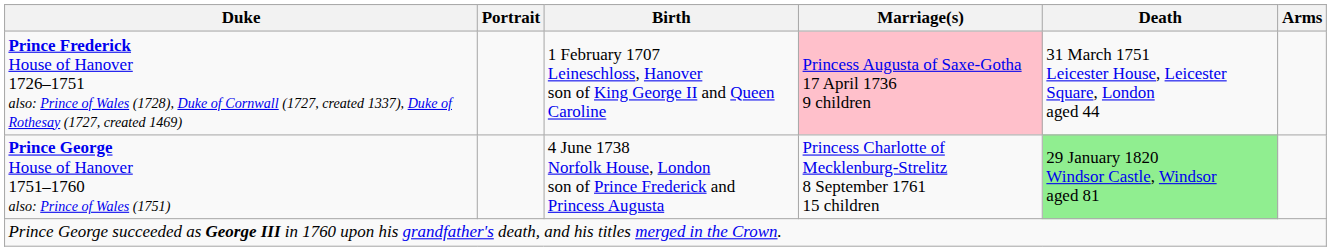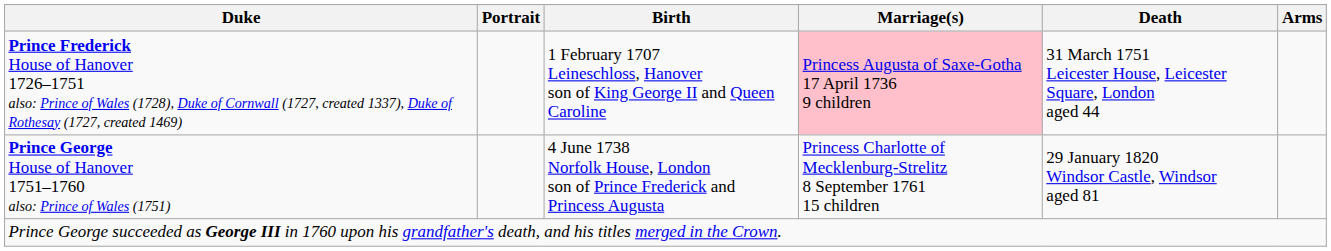 <table class="wikitable">
 <tr>
 <th>Duke</th>
 <th>Portrait</th>
 <th>Birth</th>
 <th>Marriage(s)</th>
 <th>Death</th>
 <th>Arms</th>
 </tr>
 <tr>
 <td><strong><a href='#'>Prince Frederick</a></strong><br><a href='#'>House of Hanover</a><br>1726–1751<br><small><em>also: <a href='#'>Prince of Wales</a> (1728), <a href='#'>Duke of Cornwall</a> (1727, created 1337), <a href='#'>Duke of Rothesay</a> (1727, created 1469)</em></small></td>
 <td></td>
 <td>1 February 1707<br><a href='#'>Leineschloss</a>, <a href='#'>Hanover</a><br>son of <a href='#'>King George II</a> and <a href='#'>Queen Caroline</a></td>
 <td style="background: pink;"><a href='#'>Princess Augusta of Saxe-Gotha</a><br>17 April 1736<br>9 children</td>
 <td>31 March 1751<br><a href='#'>Leicester House</a>, <a href='#'>Leicester Square</a>, <a href='#'>London</a><br>aged 44</td>
 <td></td>
 </tr>
 <tr>
 <td><strong><a href='#'>Prince George</a></strong><br><a href='#'>House of Hanover</a><br>1751–1760<br><small><em>also: <a href='#'>Prince of Wales</a> (1751)</em></small></td>
 <td></td>
 <td>4 June 1738<br><a href='#'>Norfolk House</a>, <a href='#'>London</a><br>son of <a href='#'>Prince Frederick</a> and <a href='#'>Princess Augusta</a></td>
 <td><a href='#'>Princess Charlotte of Mecklenburg-Strelitz</a><br>8 September 1761<br>15 children</td>
-<td style="background: lightgreen;">29 January 1820<br><a href='#'>Windsor Castle</a>, <a href='#'>Windsor</a><br>aged 81</td>
+<td>29 January 1820<br><a href='#'>Windsor Castle</a>, <a href='#'>Windsor</a><br>aged 81</td>
 <td></td>
 </tr>
 <tr>
 <td colspan="6"><em>Prince George succeeded as <strong>George III</strong> in 1760 upon his <a href='#'>grandfather's</a> death, and his titles <a href='#'>merged in the Crown</a>.</em></td>
 </tr>
 </table>
